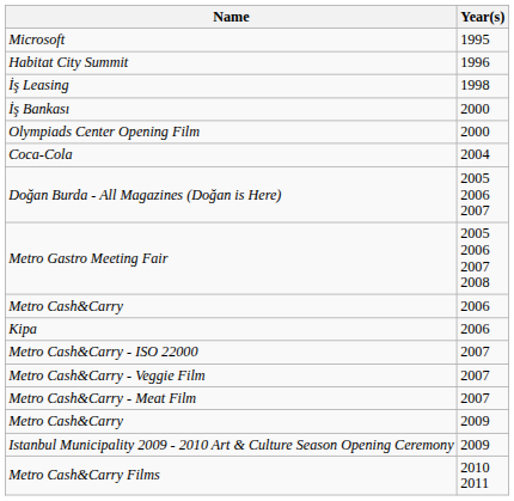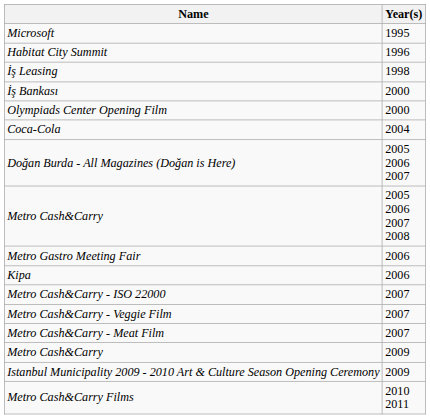 <table class="wikitable sortable mw-collapsible">
 <tr>
 <th>Name</th>
 <th>Year(s)</th>
 </tr>
 <tr>
 <td><em>Microsoft</em></td>
 <td>1995</td>
 </tr>
 <tr>
 <td><em>Habitat City Summit</em></td>
 <td>1996</td>
 </tr>
 <tr>
 <td><em>İş Leasing</em></td>
 <td>1998</td>
 </tr>
 <tr>
 <td><em>İş Bankası</em></td>
 <td>2000</td>
 </tr>
 <tr>
 <td><em>Olympiads Center Opening Film</em></td>
 <td>2000</td>
 </tr>
 <tr>
 <td><em>Coca-Cola</em></td>
 <td>2004</td>
 </tr>
 <tr>
 <td><em>Doğan Burda - All Magazines (Doğan is Here)</em></td>
 <td>2005<br>2006<br>2007</td>
 </tr>
 <tr>
-<td><em>Metro Gastro Meeting Fair</em></td>
+<td><em>Metro Cash&Carry</em></td>
 <td>2005<br>2006<br>2007<br>2008</td>
 </tr>
 <tr>
-<td><em>Metro Cash&Carry</em></td>
+<td><em>Metro Gastro Meeting Fair</em></td>
 <td>2006</td>
 </tr>
 <tr>
 <td><em>Kipa</em></td>
 <td>2006</td>
 </tr>
 <tr>
 <td><em>Metro Cash&Carry - ISO 22000</em></td>
 <td>2007</td>
 </tr>
 <tr>
 <td><em>Metro Cash&Carry - Veggie Film</em></td>
 <td>2007</td>
 </tr>
 <tr>
 <td><em>Metro Cash&Carry - Meat Film</em></td>
 <td>2007</td>
 </tr>
 <tr>
 <td><em>Metro Cash&Carry</em></td>
 <td>2009</td>
 </tr>
 <tr>
 <td><em>Istanbul Municipality 2009 - 2010 Art & Culture Season Opening Ceremony</em></td>
 <td>2009</td>
 </tr>
 <tr>
 <td><em>Metro Cash&Carry Films</em></td>
 <td>2010<br>2011</td>
 </tr>
 </table>
